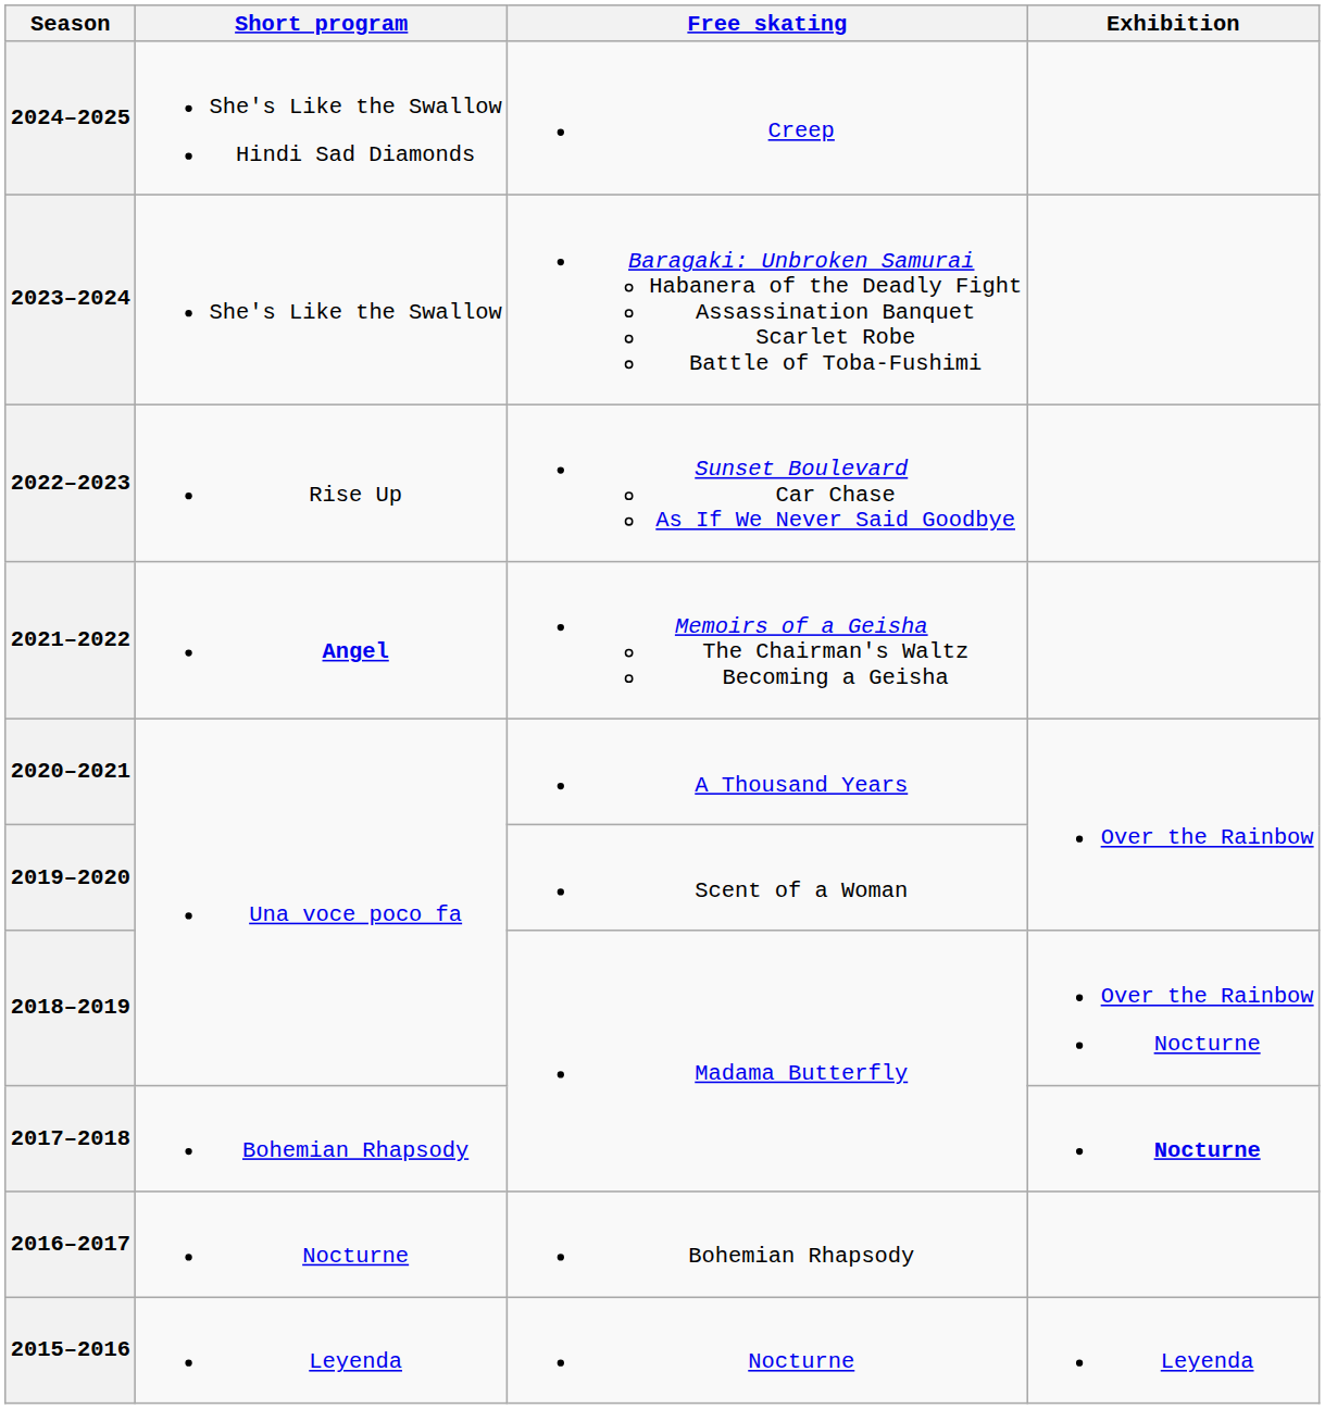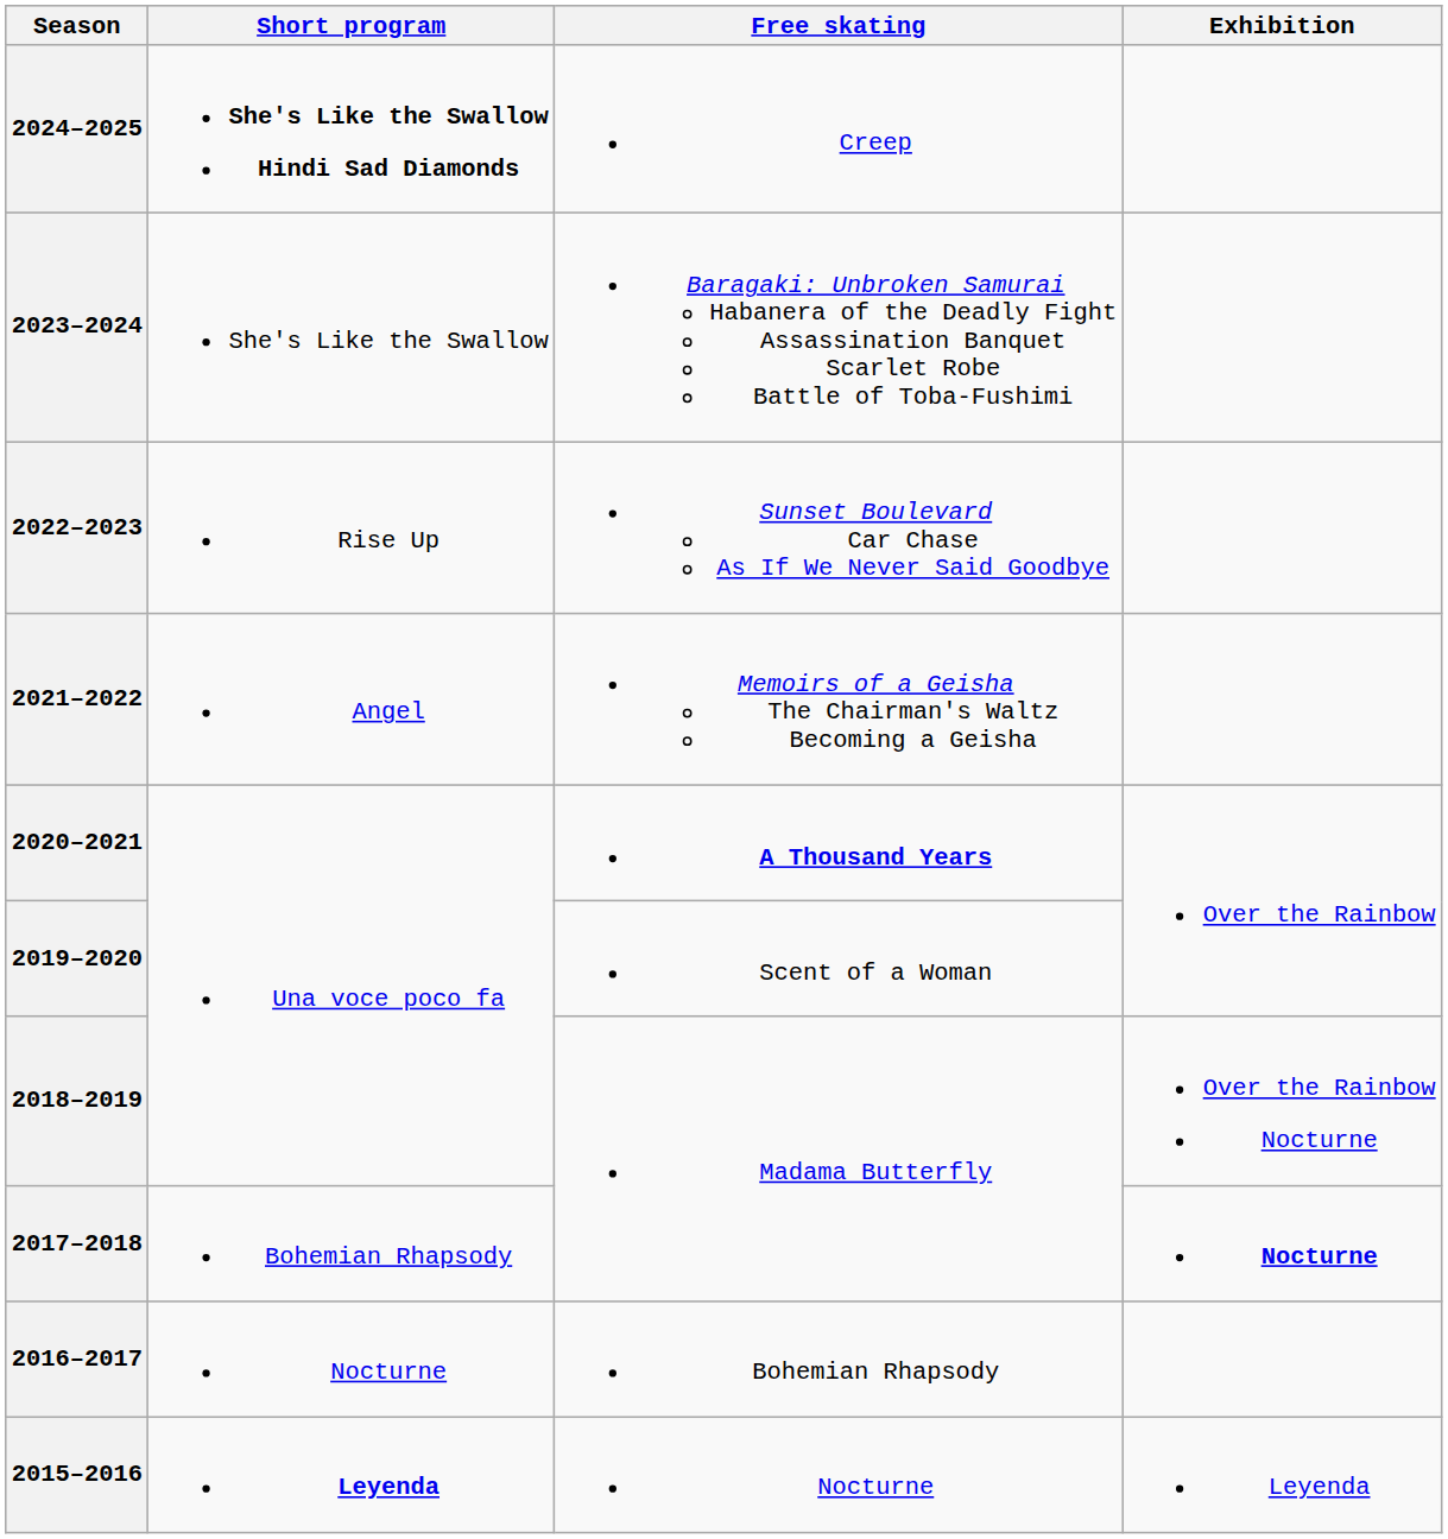 <table class=wikitable style=text-align:center>
 <tr>
 <th>Season</th>
 <th><a href='#'>Short program</a></th>
 <th><a href='#'>Free skating</a></th>
 <th>Exhibition</th>
 </tr>
 <tr>
 <th>2024–2025 <br> </th>
-<td><br><ul><li>She's Like the Swallow <br></li></ul><ul><li>Hindi Sad Diamonds <br></li></ul></td>
+<td><strong><br><ul><li>She's Like the Swallow <br></li></ul><ul><li>Hindi Sad Diamonds <br></li></ul></strong></td>
 <td><br><ul><li><a href='#'>Creep</a> <br></li></ul></td>
 <td></td>
 </tr>
 <tr>
 <th>2023–2024 <br> </th>
 <td><br><ul><li>She's Like the Swallow <br></li></ul></td>
 <td><br><ul><li><em><a href='#'>Baragaki: Unbroken Samurai</a></em><ul><li>Habanera of the Deadly Fight</li><li>Assassination Banquet</li><li>Scarlet Robe</li><li>Battle of Toba-Fushimi <br></li></ul></li></ul></td>
 <td></td>
 </tr>
 <tr>
 <th>2022–2023 <br> </th>
 <td><br><ul><li>Rise Up<br></li></ul></td>
 <td><br><ul><li><em><a href='#'>Sunset Boulevard</a></em><ul><li>Car Chase <br></li><li><a href='#'>As If We Never Said Goodbye</a> <br></li></ul></li></ul></td>
 <td></td>
 </tr>
 <tr>
 <th>2021–2022 <br> </th>
-<td><strong><br><ul><li><a href='#'>Angel</a>  <br></li></ul></strong></td>
+<td><br><ul><li><a href='#'>Angel</a>  <br></li></ul></td>
 <td><br><ul><li><em><a href='#'>Memoirs of a Geisha</a></em><ul><li>The Chairman's Waltz</li><li>Becoming a Geisha<br></li></ul></li></ul></td>
 <td></td>
 </tr>
 <tr>
 <th>2020–2021 <br> </th>
 <td rowspan=3><br><ul><li><a href='#'>Una voce poco fa</a>  <br></li></ul></td>
-<td><br><ul><li><a href='#'>A Thousand Years</a><br></li></ul></td>
+<td><strong><br><ul><li><a href='#'>A Thousand Years</a><br></li></ul></strong></td>
 <td rowspan=2><br><ul><li><a href='#'>Over the Rainbow</a> <br></li></ul></td>
 </tr>
 <tr>
 <th>2019–2020 <br> </th>
 <td><br><ul><li>Scent of a Woman <br></li></ul></td>
 </tr>
 <tr>
 <th>2018–2019 <br> </th>
 <td rowspan=2><br><ul><li><a href='#'>Madama Butterfly</a>  <br></li></ul></td>
 <td><br><ul><li><a href='#'>Over the Rainbow</a> <br></li></ul><ul><li><a href='#'>Nocturne</a> <br></li></ul></td>
 </tr>
 <tr>
 <th>2017–2018 <br> </th>
 <td><br><ul><li><a href='#'>Bohemian Rhapsody</a> <br></li></ul></td>
 <td><strong><br><ul><li><a href='#'>Nocturne</a> <br></li></ul></strong></td>
 </tr>
 <tr>
 <th>2016–2017 <br> </th>
 <td><br><ul><li><a href='#'>Nocturne</a> <br></li></ul></td>
 <td><br><ul><li>Bohemian Rhapsody <br></li></ul></td>
 <td></td>
 </tr>
 <tr>
 <th>2015–2016</th>
-<td><br><ul><li><a href='#'>Leyenda</a> <br></li></ul></td>
+<td><strong><br><ul><li><a href='#'>Leyenda</a> <br></li></ul></strong></td>
 <td><br><ul><li><a href='#'>Nocturne</a> <br></li></ul></td>
 <td><br><ul><li><a href='#'>Leyenda</a> <br></li></ul></td>
 </tr>
 </table>
